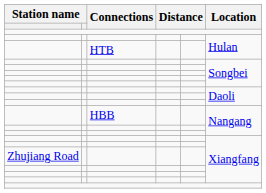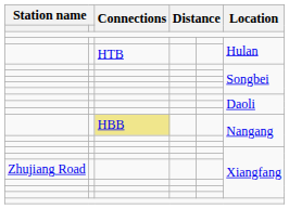 <table class="wikitable">
 <tr>
 <th colspan="2">Station name</th>
 <th rowspan="2">Connections</th>
 <th colspan="2" rowspan="2">Distance<br></th>
 <th rowspan="2">Location</th>
 </tr>
 <tr>
 <th></th>
 <th></th>
 </tr>
 <tr style="background:#">
 <td colspan = "6"></td>
 </tr>
 <tr>
 <td></td>
 <td></td>
 <td></td>
 <td></td>
 <td></td>
 <td rowspan="2"><a href='#'>Hulan</a></td>
 </tr>
 <tr>
 <td></td>
 <td></td>
 <td> <a href='#'>HTB</a></td>
 <td></td>
 <td></td>
 </tr>
 <tr>
 <td></td>
 <td></td>
 <td></td>
 <td></td>
 <td></td>
 <td rowspan="5"><a href='#'>Songbei</a></td>
 </tr>
 <tr>
 <td></td>
 <td></td>
 <td></td>
 <td></td>
 <td></td>
 </tr>
 <tr>
 <td></td>
 <td></td>
 <td></td>
 <td></td>
 <td></td>
 </tr>
 <tr>
 <td></td>
 <td></td>
 <td></td>
 <td></td>
 <td></td>
 </tr>
 <tr>
 <td></td>
 <td></td>
 <td></td>
 <td></td>
 <td></td>
 </tr>
 <tr>
 <td></td>
 <td></td>
 <td></td>
 <td></td>
 <td></td>
 <td rowspan="3"><a href='#'>Daoli</a></td>
 </tr>
 <tr>
 <td></td>
 <td></td>
 <td></td>
 <td></td>
 <td></td>
 </tr>
 <tr>
 <td></td>
 <td></td>
 <td></td>
 <td></td>
 <td></td>
 </tr>
 <tr>
 <td></td>
 <td></td>
-<td> <a href='#'>HBB</a></td>
+<td style="background: khaki;"> <a href='#'>HBB</a></td>
 <td></td>
 <td></td>
 <td rowspan="3"><a href='#'>Nangang</a></td>
 </tr>
 <tr>
 <td></td>
 <td></td>
 <td></td>
 <td></td>
 <td></td>
 </tr>
 <tr>
 <td></td>
 <td></td>
 <td></td>
 <td></td>
 <td></td>
 </tr>
 <tr>
 <td></td>
 <td></td>
 <td></td>
 <td></td>
 <td></td>
 <td rowspan="6"><a href='#'>Xiangfang</a></td>
 </tr>
 <tr>
 <td></td>
 <td></td>
 <td></td>
 <td></td>
 <td></td>
 </tr>
 <tr>
 <td><a href='#'>Zhujiang Road</a></td>
 <td></td>
 <td></td>
 <td></td>
 <td></td>
 </tr>
 <tr>
 <td></td>
 <td></td>
 <td></td>
 <td></td>
 <td></td>
 </tr>
 <tr>
 <td></td>
 <td></td>
 <td></td>
 <td></td>
 <td></td>
 </tr>
 <tr>
 <td></td>
 <td></td>
 <td></td>
 <td></td>
 <td></td>
 </tr>
 <tr style="background:#">
 <td colspan = "6"></td>
 </tr>
 </table>
